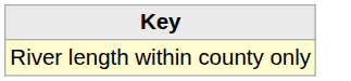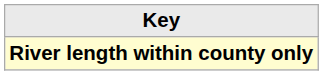 <table class="wikitable">
 <tr>
 <th style="background:#eaeaea">Key</th>
 </tr>
 <tr>
-<td bgcolor="#fffdd0" style="text-align: left"> River length within county only</td>
+<td bgcolor="#fffdd0" style="text-align: left"><strong> River length within county only</strong></td>
 </tr>
 </table>
